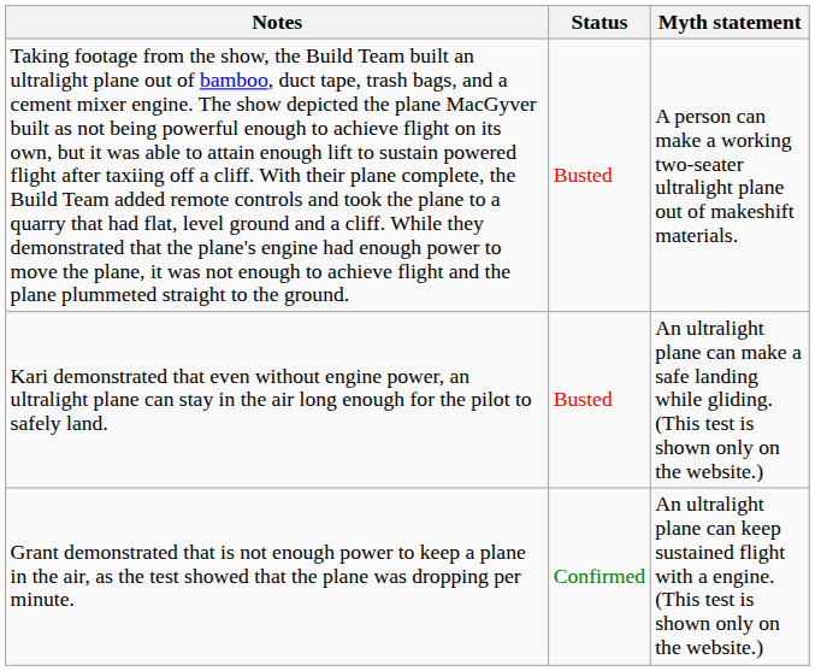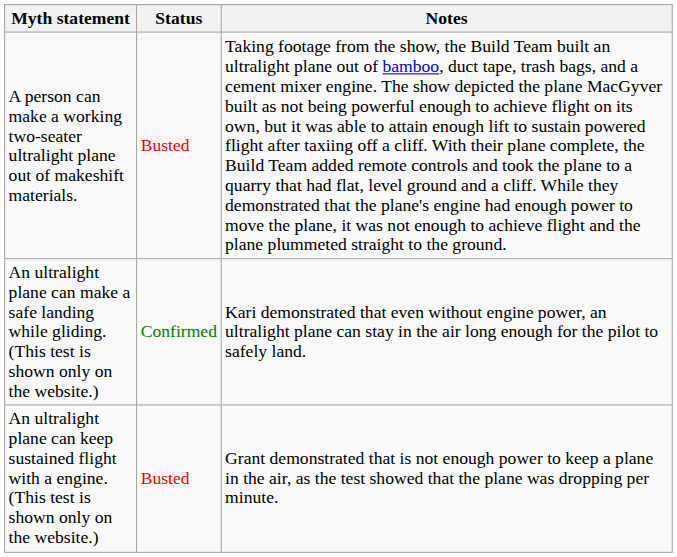 <table class="wikitable plainrowheaders">
 <tr>
+<th>Myth statement</th>
+<th>Status</th>
 <th>Notes</th>
-<th>Status</th>
-<th>Myth statement</th>
 </tr>
 <tr>
+<td>A person can make a working two-seater ultralight plane out of makeshift materials.</td>
+<td style="color:red">Busted</td>
 <td>Taking footage from the show, the Build Team built an ultralight plane out of <a href='#'>bamboo</a>, duct tape, trash bags, and a cement mixer engine. The show depicted the plane MacGyver built as not being powerful enough to achieve flight on its own, but it was able to attain enough lift to sustain powered flight after taxiing off a cliff. With their plane complete, the Build Team added remote controls and took the plane to a quarry that had flat, level ground and a  cliff. While they demonstrated that the plane's engine had enough power to move the plane, it was not enough to achieve flight and the plane plummeted straight to the ground.</td>
-<td style="color:red">Busted</td>
-<td>A person can make a working two-seater ultralight plane out of makeshift materials.</td>
 </tr>
 <tr>
+<td>An ultralight plane can make a safe landing while gliding. (This test is shown only on the website.)</td>
+<td style="color:green">Confirmed</td>
 <td>Kari demonstrated that even without engine power, an ultralight plane can stay in the air long enough for the pilot to safely land.</td>
-<td style="color:red">Busted</td>
-<td>An ultralight plane can make a safe landing while gliding. (This test is shown only on the website.)</td>
 </tr>
 <tr>
+<td>An ultralight plane can keep sustained flight with a  engine. (This test is shown only on the website.)</td>
+<td style="color:red">Busted</td>
 <td>Grant demonstrated that  is not enough power to keep a plane in the air, as the test showed that the plane was dropping  per minute.</td>
-<td style="color:green">Confirmed</td>
-<td>An ultralight plane can keep sustained flight with a  engine. (This test is shown only on the website.)</td>
 </tr>
 </table>
